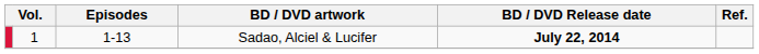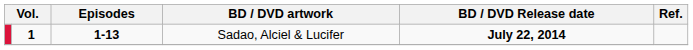 <table class="wikitable" style="text-align: center; width: 98%;">
 <tr>
 <th colspan="2">Vol.</th>
 <th>Episodes</th>
 <th>BD / DVD artwork</th>
 <th>BD / DVD Release date</th>
 <th width="5%">Ref.</th>
 </tr>
 <tr>
 <td width="1%" style="background: Crimson;"></td>
-<td>1</td>
-<td>1-13</td>
+<td><strong>1</strong></td>
+<td><strong>1-13</strong></td>
 <td>Sadao, Alciel & Lucifer</td>
 <td><strong>July 22, 2014</strong></td>
 <td></td>
 </tr>
 <tr>
 </tr>
 </table>
